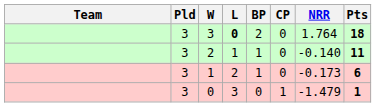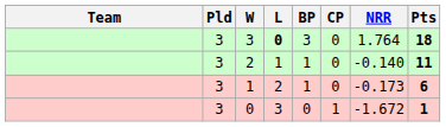 <table class="wikitable" style="text-align:center">
 <tr>
 <th width=175>Team</th>
 <th width=20 abbr="Played">Pld</th>
 <th width=20 abbr="Won">W</th>
 <th width=20 abbr="Lost">L</th>
 <th width=20 abbr="Bonus points">BP</th>
 <th width=20 abbr="Consolation Points">CP</th>
 <th width=20 abbr="Net run rate"><a href='#'>NRR</a></th>
 <th width=20 abbr="Points">Pts</th>
 </tr>
 <tr bgcolor="#ccffcc">
 <td align="left"></td>
 <td>3</td>
 <td>3</td>
 <td><strong>0</strong></td>
-<td>2</td>
+<td>3</td>
 <td>0</td>
 <td>1.764</td>
 <td><strong>18</strong></td>
 </tr>
 <tr bgcolor="#ccffcc">
 <td align="left"></td>
 <td>3</td>
 <td>2</td>
 <td>1</td>
 <td>1</td>
 <td>0</td>
 <td>-0.140</td>
 <td><strong>11</strong></td>
 </tr>
 <tr bgcolor="#ffcccc">
 <td align="left"></td>
 <td>3</td>
 <td>1</td>
 <td>2</td>
 <td>1</td>
 <td>0</td>
 <td>-0.173</td>
 <td><strong>6</strong></td>
 </tr>
 <tr bgcolor="#ffcccc">
 <td align="left"></td>
 <td>3</td>
 <td>0</td>
 <td>3</td>
 <td>0</td>
 <td>1</td>
-<td>-1.479</td>
+<td>-1.672</td>
 <td><strong>1</strong></td>
 </tr>
 </table>
